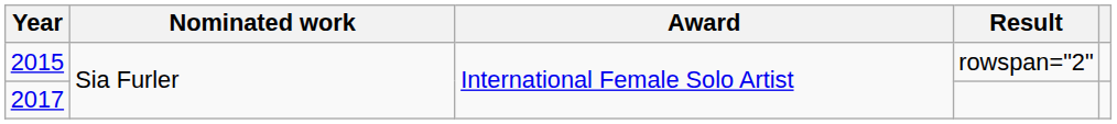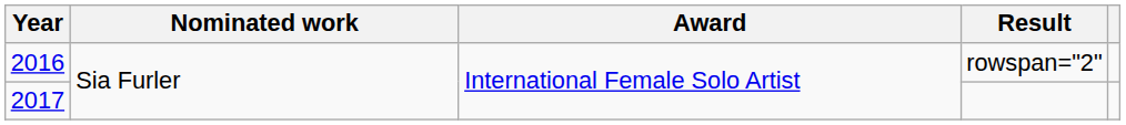 <table class="wikitable">
 <tr>
 <th>Year</th>
 <th style="width:250px;">Nominated work</th>
 <th style="width:325px;">Award</th>
 <th width="65">Result</th>
 <th></th>
 </tr>
 <tr>
-<td><a href='#'>2015</a></td>
+<td><a href='#'>2016</a></td>
 <td rowspan="2">Sia Furler</td>
 <td rowspan="2"><a href='#'>International Female Solo Artist</a></td>
 <td>rowspan="2" </td>
 <td style="text-align:center;"></td>
 </tr>
 <tr>
 <td><a href='#'>2017</a></td>
 <td></td>
 </tr>
 </table>
